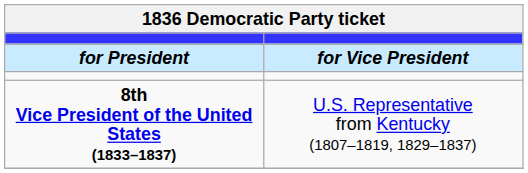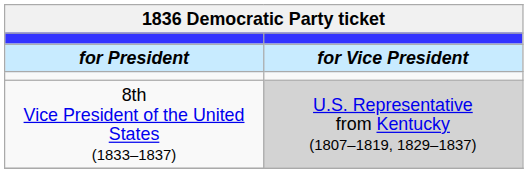 <table class="wikitable" style="font-size:90%; text-align:center;">
 <tr>
 <td style="background:#f1f1f1;" colspan="30"><strong>1836 Democratic Party ticket</strong></td>
 </tr>
 <tr>
 <th style="width:3em; font-size:135%; background:#3333FF; width:200px;"><a href='#'></a></th>
 <th style="width:3em; font-size:135%; background:#3333FF; width:200px;"><a href='#'></a></th>
 </tr>
 <tr>
 <td style="width:3em; font-size:100%; color:#000; background:#C8EBFF; width:200px;"><strong><em>for President</em></strong></td>
 <td style="width:3em; font-size:100%; color:#000; background:#C8EBFF; width:200px;"><strong><em>for Vice President</em></strong></td>
 </tr>
 <tr>
 <td></td>
 <td></td>
 </tr>
 <tr>
-<td><strong>8th<br><a href='#'>Vice President of the United States</a><br><small>(1833–1837)</small></strong></td>
-<td><a href='#'>U.S. Representative</a><br>from <a href='#'>Kentucky</a><br><small>(1807–1819, 1829–1837)</small></td>
+<td>8th<br><a href='#'>Vice President of the United States</a><br><small>(1833–1837)</small></td>
+<td style="background: lightgrey;"><a href='#'>U.S. Representative</a><br>from <a href='#'>Kentucky</a><br><small>(1807–1819, 1829–1837)</small></td>
 </tr>
 <tr>
 </tr>
 </table>
